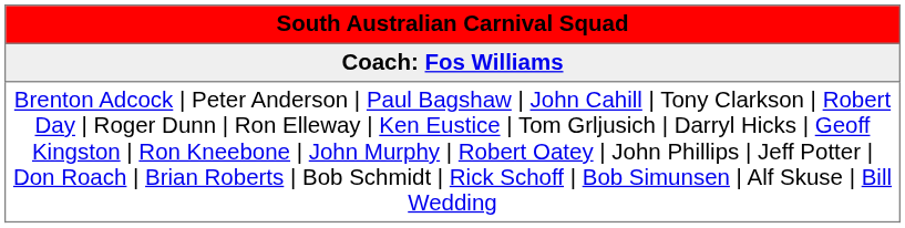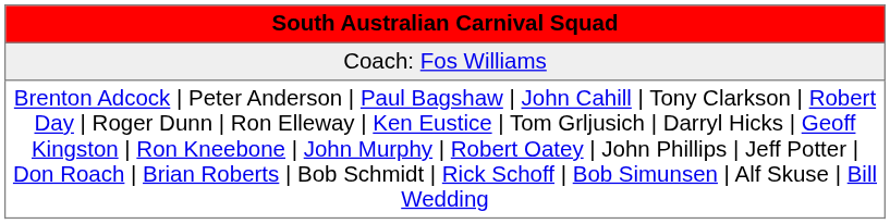 <table border="1" cellpadding="4" cellspacing="0" style="text-align:center; font-size:100%; border-collapse:collapse;" width=50%>
 <tr style="background:red;">
 <th colspan=2><span>South Australian Carnival Squad</span></th>
 </tr>
 <tr bgcolor="#efefef">
-<td><strong>Coach: <a href='#'>Fos Williams</a></strong></td>
+<td>Coach: <a href='#'>Fos Williams</a></td>
 </tr>
 <tr>
 <td Captain: ><a href='#'>Brenton Adcock</a> | Peter Anderson | <a href='#'>Paul Bagshaw</a> | <a href='#'>John Cahill</a> | Tony Clarkson | <a href='#'>Robert Day</a> | Roger Dunn | Ron Elleway | <a href='#'>Ken Eustice</a> | Tom Grljusich | Darryl Hicks | <a href='#'>Geoff Kingston</a> | <a href='#'>Ron Kneebone</a> | <a href='#'>John Murphy</a> | <a href='#'>Robert Oatey</a> | John Phillips | Jeff Potter | <a href='#'>Don Roach</a> | <a href='#'>Brian Roberts</a> | Bob Schmidt | <a href='#'>Rick Schoff</a> | <a href='#'>Bob Simunsen</a> | Alf Skuse | <a href='#'>Bill Wedding</a></td>
 </tr>
 </table>
